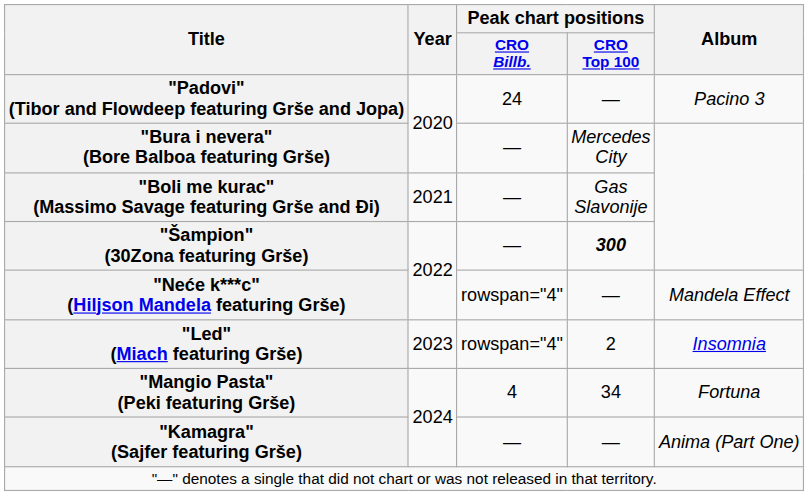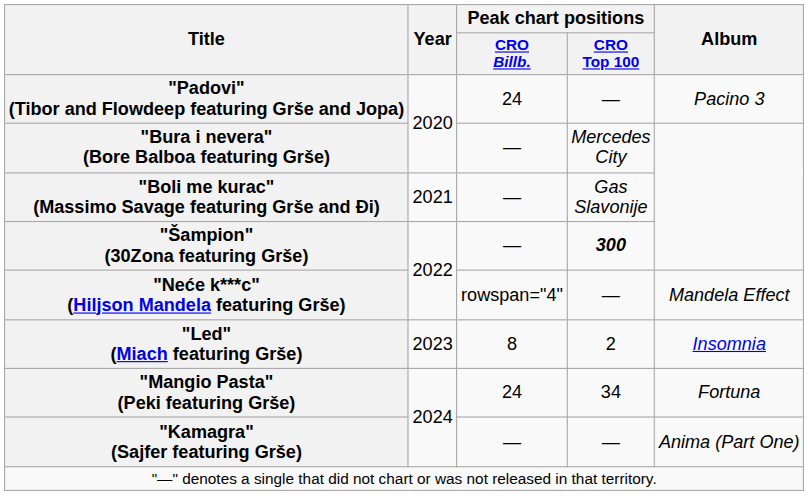 <table class="wikitable plainrowheaders" style="text-align:center;">
 <tr>
 <th rowspan="2">Title</th>
 <th rowspan="2">Year</th>
 <th scope="col" colspan="2">Peak chart positions</th>
 <th rowspan="2">Album</th>
 </tr>
 <tr>
 <th style="width:2.5em; font-size:85%"><a href='#'>CRO<br><em>Billb.</em></a><br></th>
 <th style="width:2.5em; font-size:85%"><a href='#'>CRO<br>Top 100</a><br></th>
 </tr>
 <tr>
 <th scope="row">"Padovi"<br><span>(Tibor and Flowdeep featuring Grše and Jopa)</span></th>
 <td rowspan="2">2020</td>
 <td>24</td>
 <td>—</td>
 <td><em>Pacino 3</em></td>
 </tr>
 <tr>
 <th scope="row">"Bura i nevera"<br><span>(Bore Balboa featuring Grše)</span></th>
 <td>—</td>
 <td><em>Mercedes City</em></td>
 </tr>
 <tr>
 <th scope="row">"Boli me kurac"<br><span>(Massimo Savage featuring Grše and Đi)</span></th>
 <td>2021</td>
 <td>—</td>
 <td><em>Gas Slavonije</em></td>
 </tr>
 <tr>
 <th scope="row">"Šampion"<br><span>(30Zona featuring Grše)</span></th>
 <td rowspan="2">2022</td>
 <td>—</td>
 <td><strong><em>300</em></strong></td>
 </tr>
 <tr>
 <th scope="row">"Neće k***c"<br><span>(<a href='#'>Hiljson Mandela</a> featuring Grše)</span></th>
 <td>rowspan="4" </td>
 <td>—</td>
 <td><em>Mandela Effect</em></td>
 </tr>
 <tr>
 <th scope="row">"Led"<br><span>(<a href='#'>Miach</a> featuring Grše)</span></th>
 <td>2023</td>
-<td>rowspan="4" </td>
+<td>8</td>
 <td>2</td>
 <td><em><a href='#'>Insomnia</a></em></td>
 </tr>
 <tr>
 <th scope="row">"Mangio Pasta"<br><span>(Peki featuring Grše)</span></th>
 <td rowspan="2">2024</td>
-<td>4</td>
+<td>24</td>
 <td>34</td>
 <td><em>Fortuna</em></td>
 </tr>
 <tr>
 <th scope="row">"Kamagra"<br><span>(Sajfer featuring Grše)</span></th>
 <td>—</td>
 <td>—</td>
 <td><em>Anima (Part One)</em></td>
 </tr>
 <tr>
 <td colspan="20" style="text-align:center; font-size:85%;">"—" denotes a single that did not chart or was not released in that territory.</td>
 </tr>
 </table>
